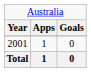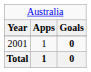 <table class="wikitable" style="text-align:center">
 <tr>
 <td colspan=3><a href='#'>Australia</a></td>
 </tr>
 <tr>
 <th>Year</th>
 <th>Apps</th>
 <th>Goals</th>
 </tr>
 <tr>
 </tr>
 <tr>
 <td>2001</td>
 <td>1</td>
-<td>0</td>
+<td><strong>0</strong></td>
 </tr>
 <tr>
 <th>Total</th>
 <th>1</th>
 <th>0</th>
 </tr>
 </table>
